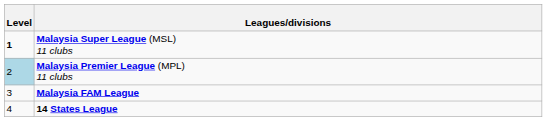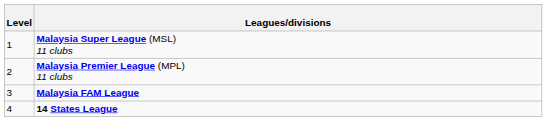 <table class="wikitable" style="text-align: centre;">
 <tr>
 <th colspan="1" width="4%"><br>Level</th>
 <th colspan="2" width="96%"><br>Leagues/divisions</th>
 </tr>
 <tr>
-<td><strong>1</strong></td>
+<td>1</td>
 <td><strong><a href='#'>Malaysia Super League</a></strong> (MSL)<br><em>11 clubs</em></td>
 </tr>
 <tr>
-<td style="background: lightblue;">2</td>
+<td>2</td>
 <td><strong><a href='#'>Malaysia Premier League</a></strong> (MPL)<br><em>11 clubs</em></td>
 </tr>
 <tr>
 <td>3</td>
 <td><strong><a href='#'>Malaysia FAM League</a></strong></td>
 </tr>
 <tr>
 <td>4</td>
 <td><strong>14 <a href='#'>States League</a></strong></td>
 </tr>
 </table>
